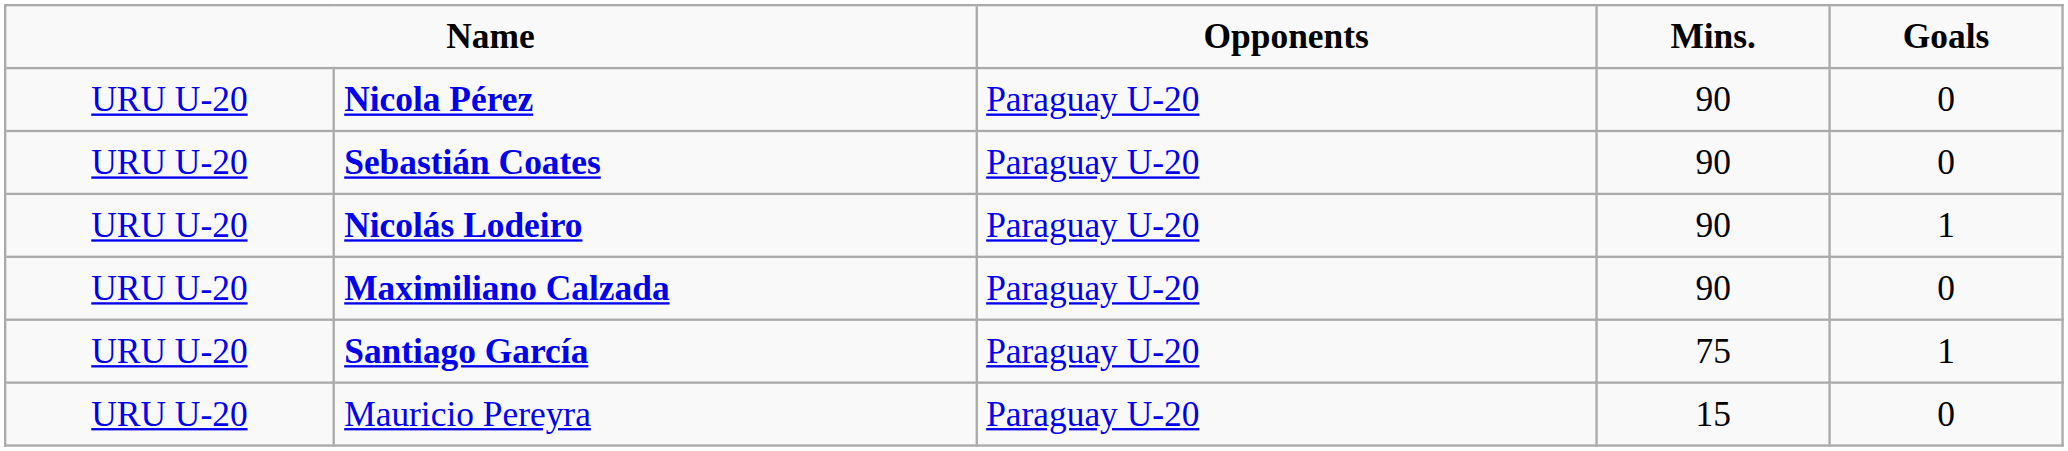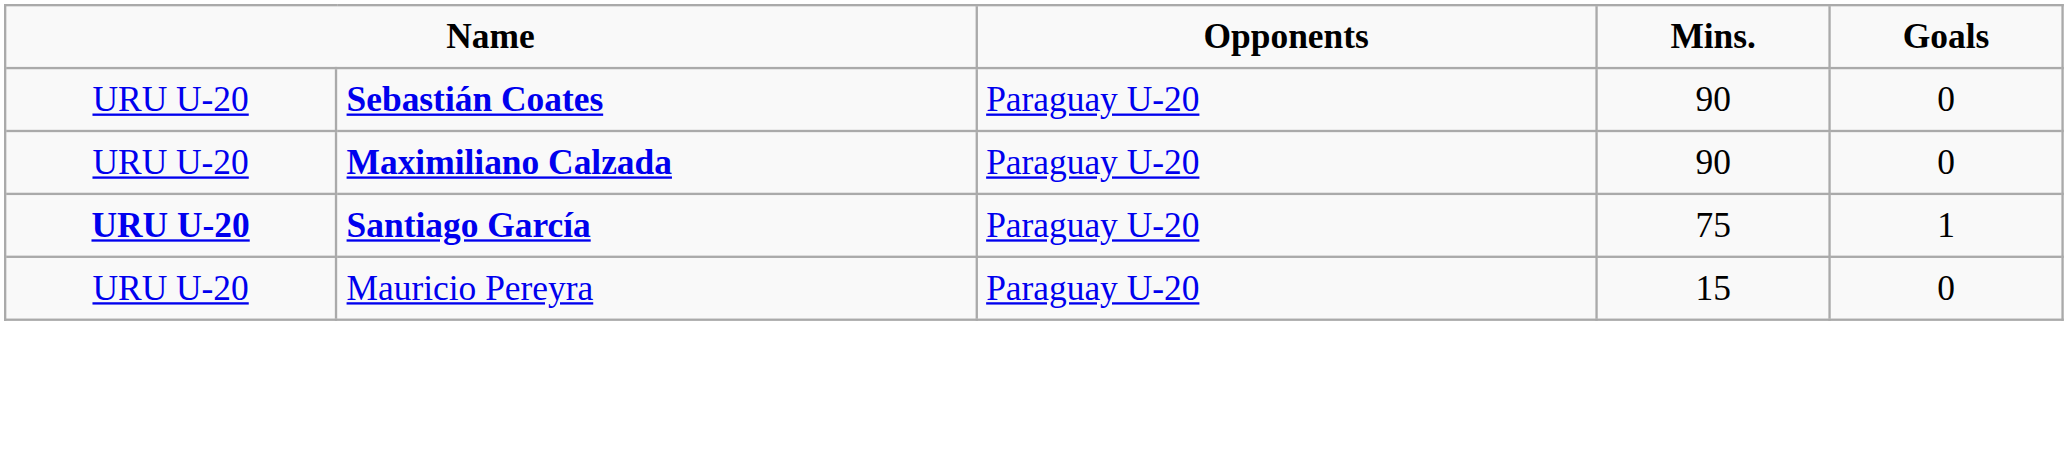 <table class= width=90% border="2" cellpadding="4" cellspacing="0" style="text-align=center: 1em 1em 1em 0; background: #f9f9f9; border: 1px #aaa solid; border-collapse: collapse; font-size: 95%;">
 <tr>
 <th width=25% colspan=2>Name</th>
 <th width=16%>Opponents</th>
 <th width=6%>Mins.</th>
 <th width=6%>Goals</th>
-</tr>
-<tr>
-<td align=center> <a href='#'>URU U-20</a></td>
-<td><strong><a href='#'>Nicola Pérez</a></strong></td>
-<td> <a href='#'>Paraguay U-20</a></td>
-<td align=center>90</td>
-<td align=center>0</td>
 </tr>
 <tr>
 <td align=center> <a href='#'>URU U-20</a></td>
 <td><strong><a href='#'>Sebastián Coates</a></strong></td>
 <td> <a href='#'>Paraguay U-20</a></td>
 <td align=center>90</td>
 <td align=center>0</td>
 </tr>
 <tr>
 <td align=center> <a href='#'>URU U-20</a></td>
-<td><strong><a href='#'>Nicolás Lodeiro</a></strong></td>
-<td> <a href='#'>Paraguay U-20</a></td>
-<td align=center>90</td>
-<td align=center>1</td>
-</tr>
-<tr>
-<td align=center> <a href='#'>URU U-20</a></td>
 <td><strong><a href='#'>Maximiliano Calzada</a></strong></td>
 <td> <a href='#'>Paraguay U-20</a></td>
 <td align=center>90</td>
 <td align=center>0</td>
 </tr>
 <tr>
-<td align=center> <a href='#'>URU U-20</a></td>
+<td align=center><strong> <a href='#'>URU U-20</a></strong></td>
 <td><strong><a href='#'>Santiago García</a></strong></td>
 <td> <a href='#'>Paraguay U-20</a></td>
 <td align=center>75</td>
 <td align=center>1</td>
 </tr>
 <tr>
 <td align=center> <a href='#'>URU U-20</a></td>
 <td><a href='#'>Mauricio Pereyra</a></td>
 <td> <a href='#'>Paraguay U-20</a></td>
 <td align=center>15</td>
 <td align=center>0</td>
 </tr>
 </table>
